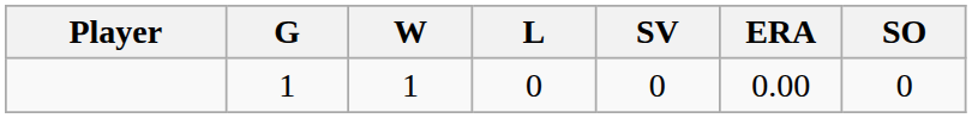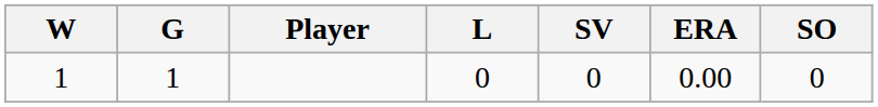 <table class="wikitable sortable">
 <tr>
+<th bgcolor="#DDDDFF" width="9%">W</th>
+<th bgcolor="#DDDDFF" width="9%">G</th>
 <th bgcolor="#DDDDFF" width="16%">Player</th>
-<th bgcolor="#DDDDFF" width="9%">G</th>
-<th bgcolor="#DDDDFF" width="9%">W</th>
 <th bgcolor="#DDDDFF" width="9%">L</th>
 <th bgcolor="#DDDDFF" width="9%">SV</th>
 <th bgcolor="#DDDDFF" width="9%">ERA</th>
 <th bgcolor="#DDDDFF" width="9%">SO</th>
 </tr>
 <tr align="center">
-<td></td>
 <td>1</td>
 <td>1</td>
+<td></td>
 <td>0</td>
 <td>0</td>
 <td>0.00</td>
 <td>0</td>
 </tr>
 </table>
